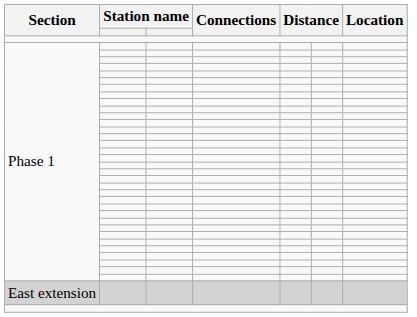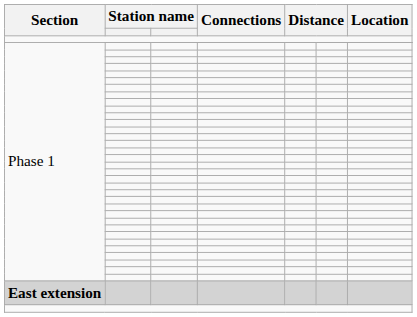 <table class="wikitable">
 <tr>
 <th rowspan="2">Section</th>
 <th colspan="2">Station name</th>
 <th rowspan="2">Connections</th>
 <th colspan="2" rowspan="2">Distance<br></th>
 <th colspan="2" rowspan="2">Location</th>
 </tr>
 <tr>
 <th></th>
 <th></th>
 </tr>
 <tr style="background:#">
 <td colspan = "7"></td>
 </tr>
 <tr>
 <td rowspan="35">Phase 1</td>
 </tr>
 <tr>
 <td></td>
 <td></td>
 <td></td>
 <td></td>
 <td></td>
 <td></td>
 </tr>
 <tr>
 <td></td>
 <td></td>
 <td></td>
 <td></td>
 <td></td>
 <td></td>
 </tr>
 <tr>
 <td></td>
 <td></td>
 <td></td>
 <td></td>
 <td></td>
 <td></td>
 </tr>
 <tr>
 <td></td>
 <td></td>
 <td></td>
 <td></td>
 <td></td>
 <td></td>
 </tr>
 <tr>
 <td></td>
 <td></td>
 <td></td>
 <td></td>
 <td></td>
 <td></td>
 </tr>
 <tr>
 <td></td>
 <td></td>
 <td></td>
 <td></td>
 <td></td>
 <td></td>
 </tr>
 <tr>
 <td></td>
 <td></td>
 <td></td>
 <td></td>
 <td></td>
 <td></td>
 </tr>
 <tr>
 <td></td>
 <td></td>
 <td></td>
 <td></td>
 <td></td>
 <td></td>
 </tr>
 <tr>
 <td></td>
 <td></td>
 <td></td>
 <td></td>
 <td></td>
 <td></td>
 </tr>
 <tr>
 <td></td>
 <td></td>
 <td></td>
 <td></td>
 <td></td>
 <td></td>
 </tr>
 <tr>
 <td></td>
 <td></td>
 <td></td>
 <td></td>
 <td></td>
 <td></td>
 </tr>
 <tr>
 <td></td>
 <td></td>
 <td></td>
 <td></td>
 <td></td>
 <td></td>
 </tr>
 <tr>
 <td></td>
 <td></td>
 <td></td>
 <td></td>
 <td></td>
 <td></td>
 </tr>
 <tr>
 <td></td>
 <td></td>
 <td></td>
 <td></td>
 <td></td>
 <td></td>
 </tr>
 <tr>
 <td></td>
 <td></td>
 <td></td>
 <td></td>
 <td></td>
 <td></td>
 </tr>
 <tr>
 <td></td>
 <td></td>
 <td></td>
 <td></td>
 <td></td>
 <td></td>
 </tr>
 <tr>
 <td></td>
 <td></td>
 <td></td>
 <td></td>
 <td></td>
 <td></td>
 </tr>
 <tr>
 <td></td>
 <td></td>
 <td></td>
 <td></td>
 <td></td>
 <td></td>
 </tr>
 <tr>
 <td></td>
 <td></td>
 <td></td>
 <td></td>
 <td></td>
 <td></td>
 </tr>
 <tr>
 <td></td>
 <td></td>
 <td></td>
 <td></td>
 <td></td>
 <td></td>
 </tr>
 <tr>
 <td></td>
 <td></td>
 <td></td>
 <td></td>
 <td></td>
 <td></td>
 </tr>
 <tr>
 <td></td>
 <td></td>
 <td></td>
 <td></td>
 <td></td>
 <td></td>
 </tr>
 <tr>
 <td></td>
 <td></td>
 <td></td>
 <td></td>
 <td></td>
 <td></td>
 </tr>
 <tr>
 <td></td>
 <td></td>
 <td></td>
 <td></td>
 <td></td>
 <td></td>
 </tr>
 <tr>
 <td></td>
 <td></td>
 <td></td>
 <td></td>
 <td></td>
 <td></td>
 </tr>
 <tr>
 <td></td>
 <td></td>
 <td></td>
 <td></td>
 <td></td>
 <td></td>
 </tr>
 <tr>
 <td></td>
 <td></td>
 <td></td>
 <td></td>
 <td></td>
 <td></td>
 </tr>
 <tr>
 <td></td>
 <td></td>
 <td></td>
 <td></td>
 <td></td>
 <td></td>
 </tr>
 <tr>
 <td></td>
 <td></td>
 <td></td>
 <td></td>
 <td></td>
 <td></td>
 </tr>
 <tr>
 <td></td>
 <td></td>
 <td></td>
 <td></td>
 <td></td>
 <td></td>
 </tr>
 <tr>
 <td></td>
 <td></td>
 <td></td>
 <td></td>
 <td></td>
 <td></td>
 </tr>
 <tr>
 <td></td>
 <td></td>
 <td></td>
 <td></td>
 <td></td>
 <td></td>
 </tr>
 <tr>
 <td></td>
 <td></td>
 <td></td>
 <td></td>
 <td></td>
 <td></td>
 </tr>
 <tr>
 <td></td>
 <td></td>
 <td></td>
 <td></td>
 <td></td>
 <td></td>
 </tr>
 <tr bgcolor="lightgrey">
-<td rowspan="1">East extension</td>
+<td rowspan="1"><strong>East extension</strong></td>
 <td><em></em></td>
 <td><em></em></td>
 <td></td>
 <td></td>
 <td></td>
 <td></td>
 </tr>
 <tr style="background:#">
 <td colspan = "7"></td>
 </tr>
 </table>
